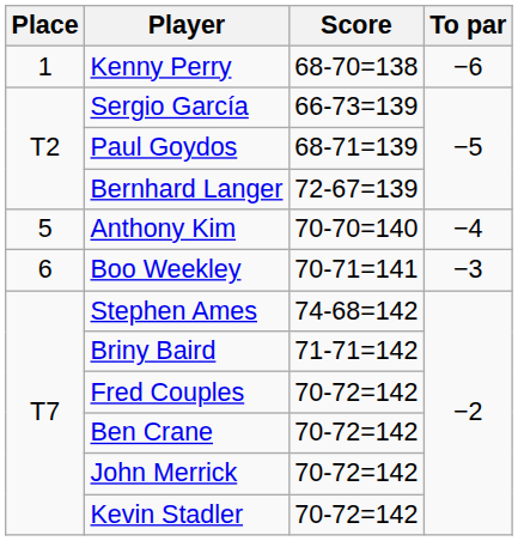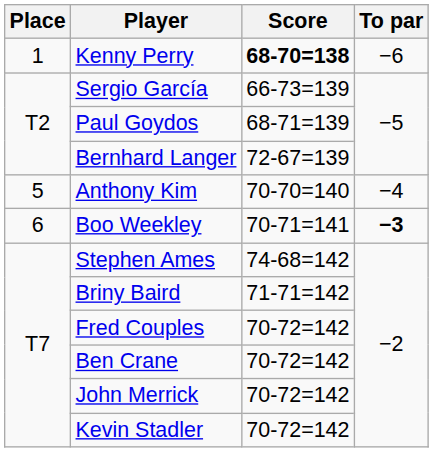 <table class="wikitable">
 <tr>
 <th>Place</th>
 <th>Player</th>
 <th>Score</th>
 <th>To par</th>
 </tr>
 <tr>
 <td align=center>1</td>
 <td> <a href='#'>Kenny Perry</a></td>
-<td>68-70=138</td>
+<td><strong>68-70=138</strong></td>
 <td align=center>−6</td>
 </tr>
 <tr>
 <td align=center rowspan="3">T2</td>
 <td> <a href='#'>Sergio García</a></td>
 <td>66-73=139</td>
 <td rowspan="3" align=center>−5</td>
 </tr>
 <tr>
 <td> <a href='#'>Paul Goydos</a></td>
 <td>68-71=139</td>
 </tr>
 <tr>
 <td> <a href='#'>Bernhard Langer</a></td>
 <td>72-67=139</td>
 </tr>
 <tr>
 <td align=center>5</td>
 <td> <a href='#'>Anthony Kim</a></td>
 <td>70-70=140</td>
 <td align=center>−4</td>
 </tr>
 <tr>
 <td align=center>6</td>
 <td> <a href='#'>Boo Weekley</a></td>
 <td>70-71=141</td>
-<td align=center>−3</td>
+<td align=center><strong>−3</strong></td>
 </tr>
 <tr>
 <td align=center rowspan="6">T7</td>
 <td> <a href='#'>Stephen Ames</a></td>
 <td>74-68=142</td>
 <td rowspan="6" align=center>−2</td>
 </tr>
 <tr>
 <td> <a href='#'>Briny Baird</a></td>
 <td>71-71=142</td>
 </tr>
 <tr>
 <td> <a href='#'>Fred Couples</a></td>
 <td>70-72=142</td>
 </tr>
 <tr>
 <td> <a href='#'>Ben Crane</a></td>
 <td>70-72=142</td>
 </tr>
 <tr>
 <td> <a href='#'>John Merrick</a></td>
 <td>70-72=142</td>
 </tr>
 <tr>
 <td> <a href='#'>Kevin Stadler</a></td>
 <td>70-72=142</td>
 </tr>
 </table>
